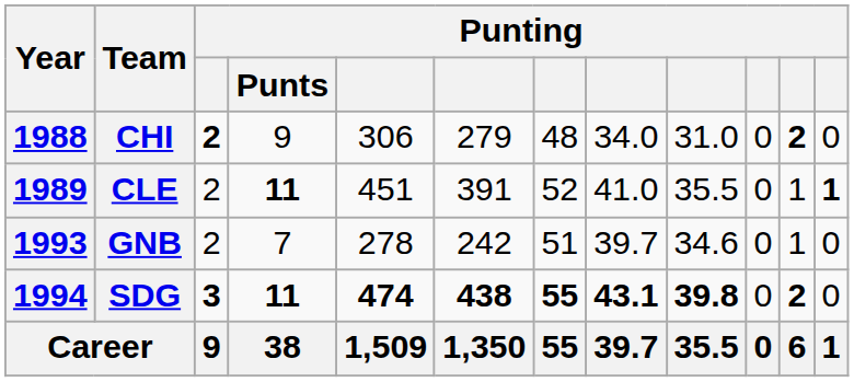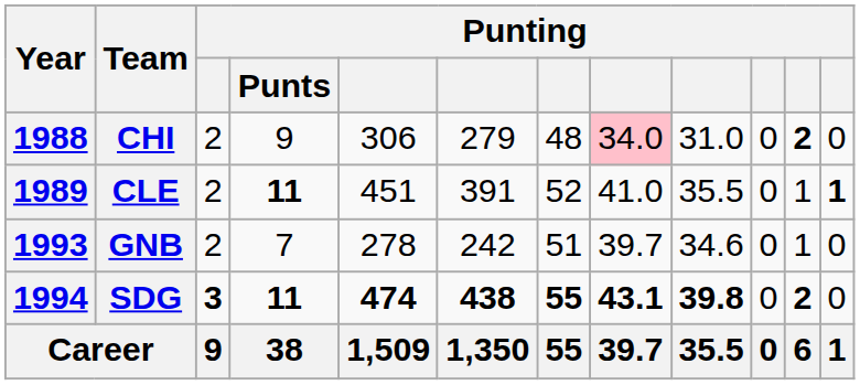 <table class=wikitable style="text-align:center;">
 <tr>
 <th rowspan="2">Year</th>
 <th rowspan="2">Team</th>
 <th colspan="10">Punting</th>
 </tr>
 <tr>
 <th></th>
 <th>Punts</th>
 <th></th>
 <th></th>
 <th></th>
 <th></th>
 <th></th>
 <th></th>
 <th></th>
 <th></th>
 </tr>
 <tr>
 <th><a href='#'>1988</a></th>
 <th><a href='#'>CHI</a></th>
-<td><strong>2</strong></td>
+<td>2</td>
 <td>9</td>
 <td>306</td>
 <td>279</td>
 <td>48</td>
-<td>34.0</td>
+<td style="background: pink;">34.0</td>
 <td>31.0</td>
 <td>0</td>
 <td><strong>2</strong></td>
 <td>0</td>
 </tr>
 <tr>
 <th><a href='#'>1989</a></th>
 <th><a href='#'>CLE</a></th>
 <td>2</td>
 <td><strong>11</strong></td>
 <td>451</td>
 <td>391</td>
 <td>52</td>
 <td>41.0</td>
 <td>35.5</td>
 <td>0</td>
 <td>1</td>
 <td><strong>1</strong></td>
 </tr>
 <tr>
 <th><a href='#'>1993</a></th>
 <th><a href='#'>GNB</a></th>
 <td>2</td>
 <td>7</td>
 <td>278</td>
 <td>242</td>
 <td>51</td>
 <td>39.7</td>
 <td>34.6</td>
 <td>0</td>
 <td>1</td>
 <td>0</td>
 </tr>
 <tr>
 <th><a href='#'>1994</a></th>
 <th><a href='#'>SDG</a></th>
 <td><strong>3</strong></td>
 <td><strong>11</strong></td>
 <td><strong>474</strong></td>
 <td><strong>438</strong></td>
 <td><strong>55</strong></td>
 <td><strong>43.1</strong></td>
 <td><strong>39.8</strong></td>
 <td>0</td>
 <td><strong>2</strong></td>
 <td>0</td>
 </tr>
 <tr>
 <th colspan="2">Career</th>
 <th>9</th>
 <th>38</th>
 <th>1,509</th>
 <th>1,350</th>
 <th>55</th>
 <th>39.7</th>
 <th>35.5</th>
 <th>0</th>
 <th>6</th>
 <th>1</th>
 </tr>
 </table>
